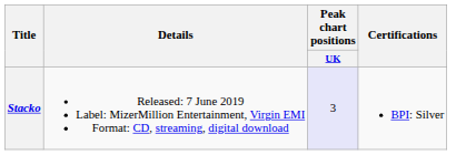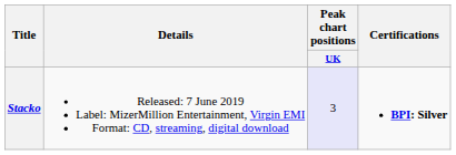 <table class="wikitable plainrowheaders" style="text-align:center;">
 <tr>
 <th scope="col" rowspan="2">Title</th>
 <th scope="col" rowspan="2">Details</th>
 <th scope="col" colspan="1">Peak chart positions</th>
 <th scope="col" rowspan="2">Certifications</th>
 </tr>
 <tr>
 <th scope="col" style="width:3em;font-size:85%;"><a href='#'>UK</a><br></th>
 </tr>
 <tr>
 <th scope="row"><em><a href='#'>Stacko</a></em></th>
 <td><br><ul><li>Released: 7 June 2019</li><li>Label: MizerMillion Entertainment, <a href='#'>Virgin EMI</a></li><li>Format: <a href='#'>CD</a>, <a href='#'>streaming</a>, <a href='#'>digital download</a></li></ul></td>
 <td style="background: lavender;">3</td>
-<td><br><ul><li><a href='#'>BPI</a>: Silver</li></ul></td>
+<td><strong><br><ul><li><a href='#'>BPI</a>: Silver</li></ul></strong></td>
 </tr>
 </table>
